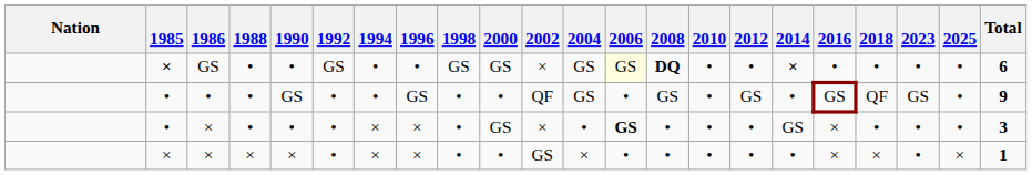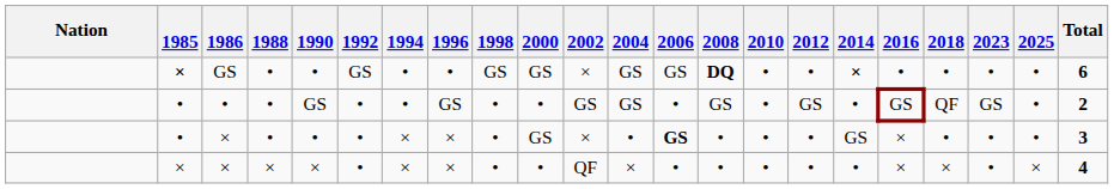 <table class="wikitable" style="text-align:center; font-size:90%;">
 <tr>
 <th width="150">Nation</th>
 <th><br><a href='#'>1985</a></th>
 <th><br><a href='#'>1986</a></th>
 <th><br><a href='#'>1988</a></th>
 <th><br><a href='#'>1990</a></th>
 <th><br><a href='#'>1992</a></th>
 <th><br><a href='#'>1994</a></th>
 <th><br><a href='#'>1996</a></th>
 <th><br><a href='#'>1998</a></th>
 <th><br><a href='#'>2000</a></th>
 <th><br><a href='#'>2002</a></th>
 <th><br><a href='#'>2004</a></th>
 <th><br><a href='#'>2006</a></th>
 <th><br><a href='#'>2008</a></th>
 <th><br><a href='#'>2010</a></th>
 <th><br><a href='#'>2012</a></th>
 <th><br><a href='#'>2014</a></th>
 <th><br><a href='#'>2016</a></th>
 <th><br><a href='#'>2018</a></th>
 <th><br><a href='#'>2023</a></th>
 <th><br><a href='#'>2025</a></th>
 <th>Total</th>
 </tr>
 <tr align=center>
 <td style="text-align:left;"></td>
 <td><strong>×</strong></td>
 <td>GS</td>
 <td>•</td>
 <td>•</td>
 <td>GS</td>
 <td>•</td>
 <td>•</td>
 <td>GS</td>
 <td>GS</td>
 <td>×</td>
 <td>GS</td>
-<td style="background: lightyellow;">GS</td>
+<td>GS</td>
 <td><strong>DQ</strong></td>
 <td>•</td>
 <td>•</td>
 <td><strong>×</strong></td>
 <td>•</td>
 <td>•</td>
 <td>•</td>
 <td>•</td>
 <td><strong>6</strong></td>
 </tr>
 <tr align=center>
 <td style="text-align:left;"></td>
 <td>•</td>
 <td>•</td>
 <td>•</td>
 <td>GS</td>
 <td>•</td>
 <td>•</td>
 <td>GS</td>
 <td>•</td>
 <td>•</td>
-<td>QF</td>
+<td>GS</td>
 <td>GS</td>
 <td>•</td>
 <td>GS</td>
 <td>•</td>
 <td>GS</td>
 <td>•</td>
 <td style="border:3px solid darkred;">GS</td>
 <td>QF</td>
 <td>GS</td>
 <td>•</td>
-<td><strong>9</strong></td>
+<td><strong>2</strong></td>
 </tr>
 <tr align=center>
 <td style="text-align:left;"></td>
 <td>•</td>
 <td>×</td>
 <td>•</td>
 <td>•</td>
 <td>•</td>
 <td>×</td>
 <td>×</td>
 <td>•</td>
 <td>GS</td>
 <td>×</td>
 <td>•</td>
 <td><strong>GS</strong></td>
 <td>•</td>
 <td>•</td>
 <td>•</td>
 <td>GS</td>
 <td>×</td>
 <td>•</td>
 <td>•</td>
 <td>•</td>
 <td><strong>3</strong></td>
 </tr>
 <tr align=center>
 <td style="text-align:left;"></td>
 <td>×</td>
 <td>×</td>
 <td>×</td>
 <td>×</td>
 <td>•</td>
 <td>×</td>
 <td>×</td>
 <td>•</td>
 <td>•</td>
-<td>GS</td>
+<td>QF</td>
 <td>×</td>
 <td>•</td>
 <td>•</td>
 <td>•</td>
 <td>•</td>
 <td>•</td>
 <td>×</td>
 <td>×</td>
 <td>•</td>
 <td>×</td>
-<td><strong>1</strong></td>
+<td><strong>4</strong></td>
 </tr>
 </table>
